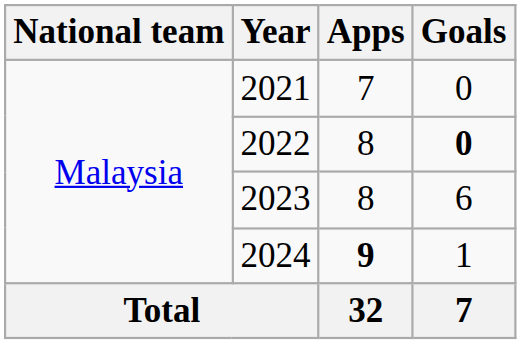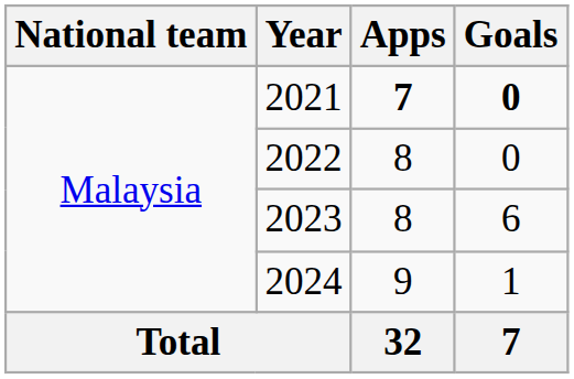 <table class=wikitable style=text-align:center>
 <tr>
 <th>National team</th>
 <th>Year</th>
 <th>Apps</th>
 <th>Goals</th>
 </tr>
 <tr>
 <td rowspan="4"><a href='#'>Malaysia</a></td>
 <td>2021</td>
-<td>7</td>
-<td>0</td>
+<td><strong>7</strong></td>
+<td><strong>0</strong></td>
 </tr>
 <tr>
 <td>2022</td>
 <td>8</td>
-<td><strong>0</strong></td>
+<td>0</td>
 </tr>
 <tr>
 <td>2023</td>
 <td>8</td>
 <td>6</td>
 </tr>
 <tr>
 <td>2024</td>
-<td><strong>9</strong></td>
+<td>9</td>
 <td>1</td>
 </tr>
 <tr>
 <th colspan="2">Total</th>
 <th>32</th>
 <th>7</th>
 </tr>
 </table>
